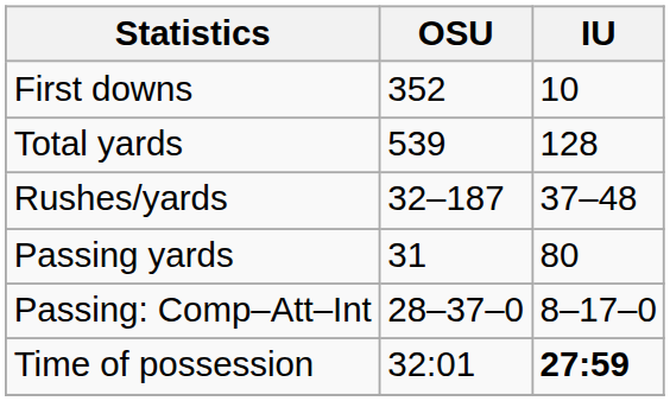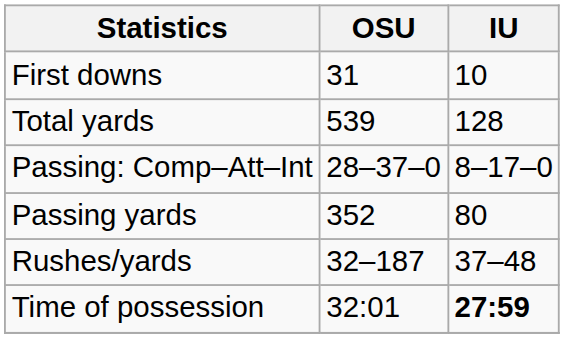 <table class="wikitable" style="float: left;">
 <tr>
 <th>Statistics</th>
 <th>OSU</th>
 <th>IU</th>
 </tr>
 <tr>
 <td>First downs</td>
-<td>352</td>
+<td>31</td>
 <td>10</td>
 </tr>
 <tr>
 <td>Total yards</td>
 <td>539</td>
 <td>128</td>
 </tr>
 <tr>
+<td>Passing: Comp–Att–Int</td>
+<td>28–37–0</td>
+<td>8–17–0</td>
+</tr>
+<tr>
+<td>Passing yards</td>
+<td>352</td>
+<td>80</td>
+</tr>
+<tr>
 <td>Rushes/yards</td>
 <td>32–187</td>
 <td>37–48</td>
-</tr>
-<tr>
-<td>Passing yards</td>
-<td>31</td>
-<td>80</td>
-</tr>
-<tr>
-<td>Passing: Comp–Att–Int</td>
-<td>28–37–0</td>
-<td>8–17–0</td>
 </tr>
 <tr>
 <td>Time of possession</td>
 <td>32:01</td>
 <td><strong>27:59</strong></td>
 </tr>
 <tr>
 </tr>
 </table>
